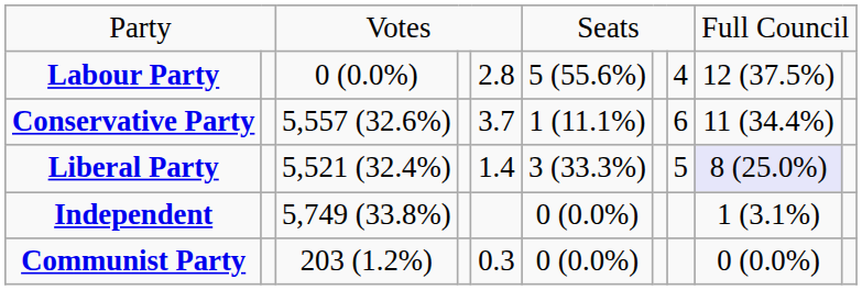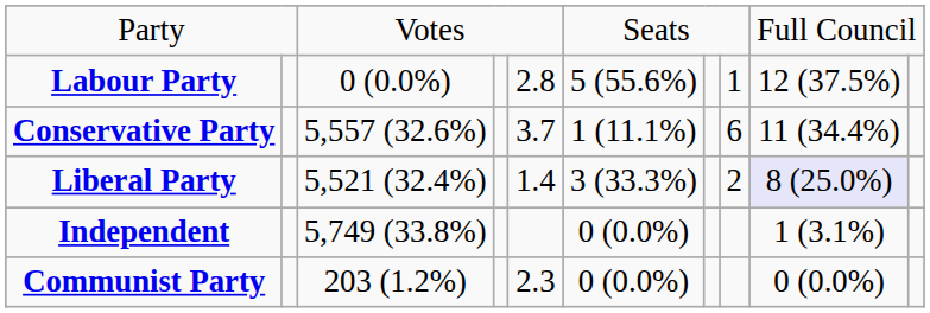 <table class=wikitable style="text-align:center;">
 <tr>
 <td colspan=2>Party</td>
 <td colspan=3>Votes</td>
 <td colspan=3>Seats</td>
 <td colspan=3>Full Council</td>
 </tr>
 <tr>
 <td><strong><a href='#'>Labour Party</a></strong></td>
 <td style="background:"></td>
 <td>0 (0.0%)</td>
 <td></td>
 <td> 2.8</td>
 <td>5 (55.6%)</td>
 <td></td>
-<td> 4</td>
+<td> 1</td>
 <td>12 (37.5%)</td>
 <td></td>
 </tr>
 <tr>
 <td><strong><a href='#'>Conservative Party</a></strong></td>
 <td style="background:"></td>
 <td>5,557 (32.6%)</td>
 <td></td>
 <td> 3.7</td>
 <td>1 (11.1%)</td>
 <td></td>
 <td> 6</td>
 <td>11 (34.4%)</td>
 <td></td>
 </tr>
 <tr>
 <td><strong><a href='#'>Liberal Party</a></strong></td>
 <td style="background:"></td>
 <td>5,521 (32.4%)</td>
 <td></td>
 <td> 1.4</td>
 <td>3 (33.3%)</td>
 <td></td>
-<td> 5</td>
+<td> 2</td>
 <td style="background: lavender;">8 (25.0%)</td>
 <td></td>
 </tr>
 <tr>
 <td><strong><a href='#'>Independent</a></strong></td>
 <td style="background:"></td>
 <td>5,749 (33.8%)</td>
 <td></td>
 <td></td>
 <td>0 (0.0%)</td>
 <td></td>
 <td></td>
 <td>1 (3.1%)</td>
 <td></td>
 </tr>
 <tr>
 <td><strong><a href='#'>Communist Party</a></strong></td>
 <td style="background:"></td>
 <td>203 (1.2%)</td>
 <td></td>
-<td> 0.3</td>
+<td> 2.3</td>
 <td>0 (0.0%)</td>
 <td></td>
 <td></td>
 <td>0 (0.0%)</td>
 <td></td>
 </tr>
 </table>
